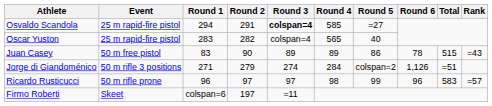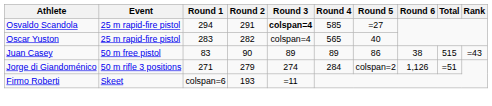 <table class="wikitable" border="1" style="font-size:90%">
 <tr>
 <th>Athlete</th>
 <th>Event</th>
 <th>Round 1</th>
 <th>Round 2</th>
 <th>Round 3</th>
 <th>Round 4</th>
 <th>Round 5</th>
 <th>Round 6</th>
 <th>Total</th>
 <th>Rank</th>
 </tr>
 <tr align=center>
 <td align=left><a href='#'>Osvaldo Scandola</a></td>
 <td align=left><a href='#'>25 m rapid-fire pistol</a></td>
 <td>294</td>
 <td>291</td>
 <td><strong>colspan=4 </strong></td>
 <td>585</td>
 <td>=27</td>
 </tr>
 <tr align=center>
 <td align=left><a href='#'>Oscar Yuston</a></td>
 <td align=left><a href='#'>25 m rapid-fire pistol</a></td>
 <td>283</td>
 <td>282</td>
 <td>colspan=4 </td>
 <td>565</td>
 <td>40</td>
 </tr>
 <tr align=center>
 <td align=left><a href='#'>Juan Casey</a></td>
 <td align=left><a href='#'>50 m free pistol</a></td>
 <td>83</td>
 <td>90</td>
 <td>89</td>
 <td>89</td>
 <td>86</td>
-<td>78</td>
+<td>38</td>
 <td>515</td>
 <td>=43</td>
 </tr>
 <tr align=center>
 <td align=left><a href='#'>Jorge di Giandoménico</a></td>
 <td align=left><a href='#'>50 m rifle 3 positions</a></td>
 <td>271</td>
 <td>279</td>
 <td>274</td>
 <td>284</td>
 <td>colspan=2 </td>
 <td>1,126</td>
 <td>=51</td>
 </tr>
 <tr align=center>
-<td align=left><a href='#'>Ricardo Rusticucci</a></td>
-<td align=left><a href='#'>50 m rifle prone</a></td>
-<td>96</td>
-<td>97</td>
-<td>97</td>
-<td>98</td>
-<td>99</td>
-<td>96</td>
-<td>583</td>
-<td>=57</td>
-</tr>
-<tr align=center>
 <td align=left><a href='#'>Firmo Roberti</a></td>
 <td align=left><a href='#'>Skeet</a></td>
 <td>colspan=6 </td>
-<td>197</td>
+<td>193</td>
 <td>=11</td>
 </tr>
 </table>
